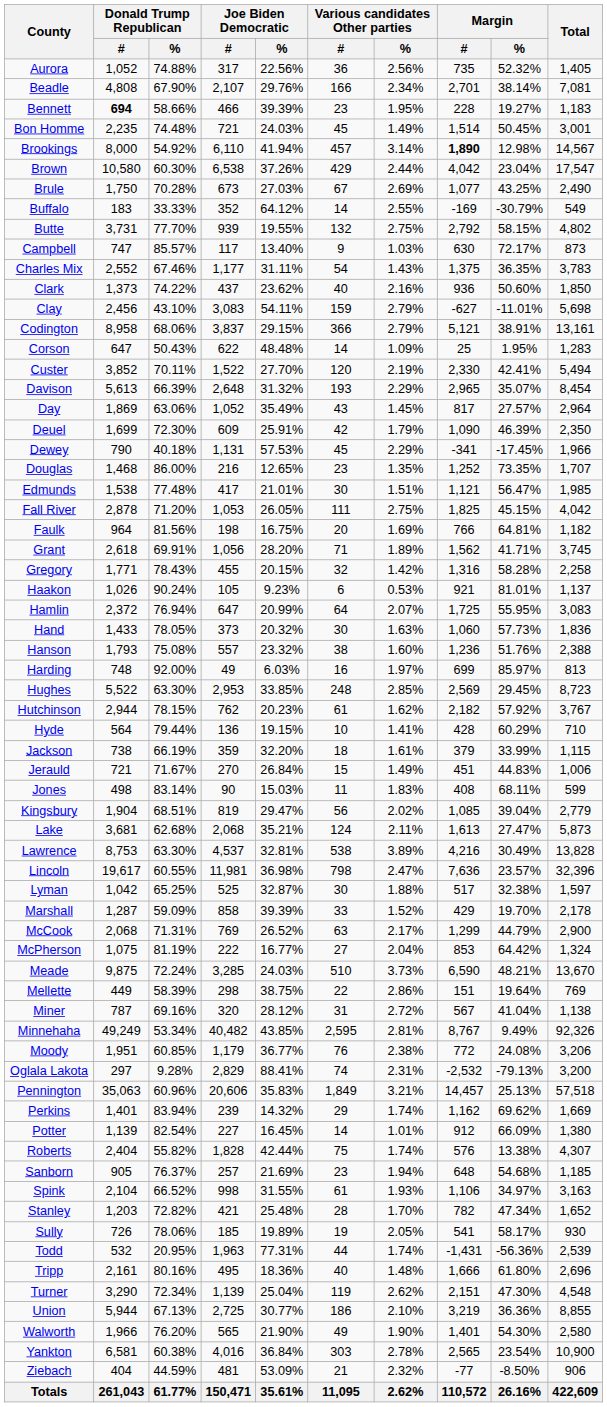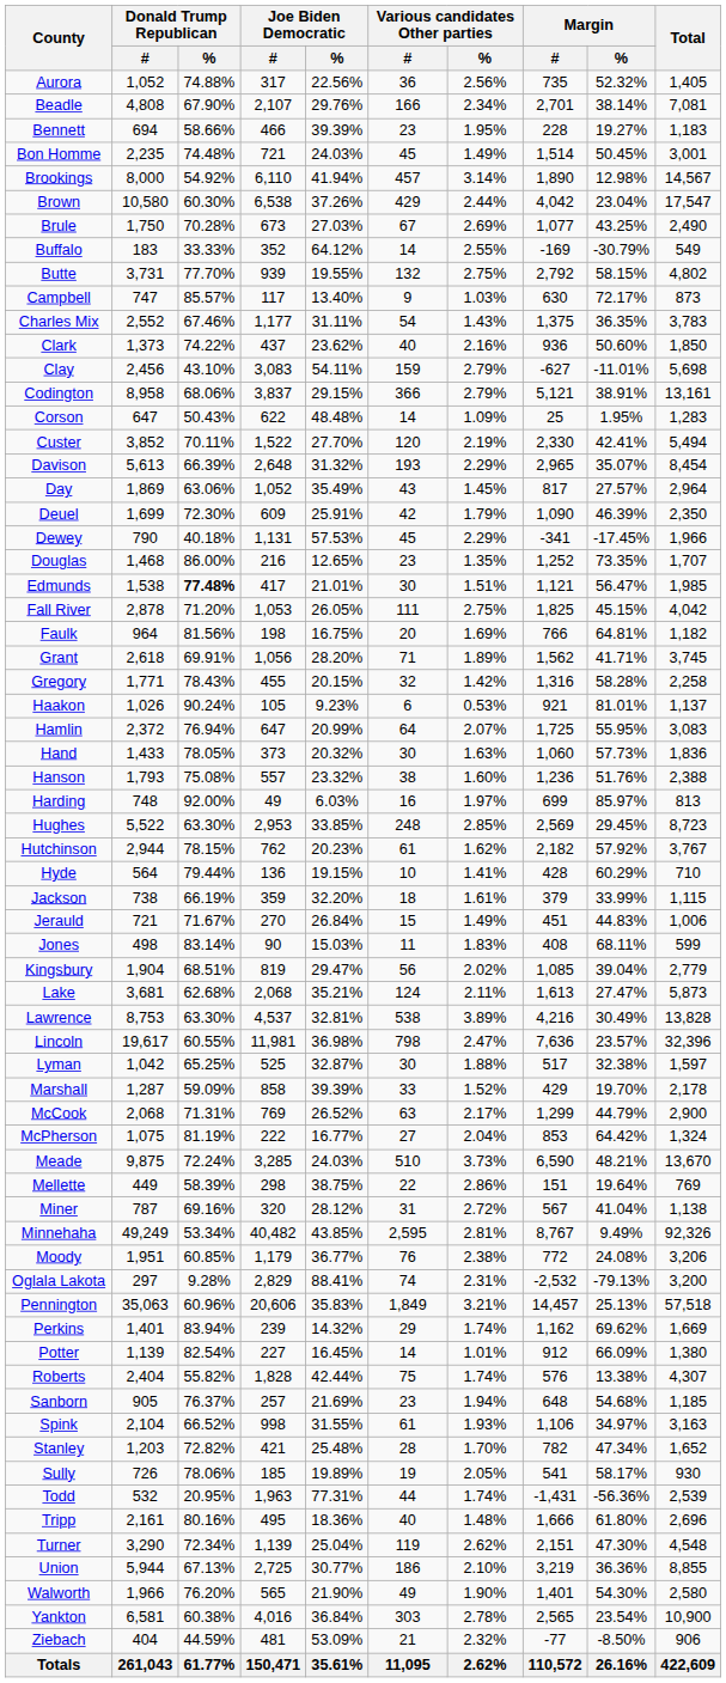 <table width="60%" class="wikitable sortable">
 <tr>
 <th rowspan="2">County</th>
 <th colspan="2">Donald Trump<br>Republican</th>
 <th colspan="2">Joe Biden<br>Democratic</th>
 <th colspan="2">Various candidates<br>Other parties</th>
 <th colspan="2">Margin</th>
 <th rowspan="2">Total</th>
 </tr>
 <tr>
 <th style="text-align:center;" data-sort-type="number">#</th>
 <th style="text-align:center;" data-sort-type="number">%</th>
 <th style="text-align:center;" data-sort-type="number">#</th>
 <th style="text-align:center;" data-sort-type="number">%</th>
 <th style="text-align:center;" data-sort-type="number">#</th>
 <th style="text-align:center;" data-sort-type="number">%</th>
 <th style="text-align:center;" data-sort-type="number">#</th>
 <th style="text-align:center;" data-sort-type="number">%</th>
 </tr>
 <tr style="text-align:center;">
 <td><a href='#'>Aurora</a></td>
 <td>1,052</td>
 <td>74.88%</td>
 <td>317</td>
 <td>22.56%</td>
 <td>36</td>
 <td>2.56%</td>
 <td>735</td>
 <td>52.32%</td>
 <td>1,405</td>
 </tr>
 <tr style="text-align:center;">
 <td><a href='#'>Beadle</a></td>
 <td>4,808</td>
 <td>67.90%</td>
 <td>2,107</td>
 <td>29.76%</td>
 <td>166</td>
 <td>2.34%</td>
 <td>2,701</td>
 <td>38.14%</td>
 <td>7,081</td>
 </tr>
 <tr style="text-align:center;">
 <td><a href='#'>Bennett</a></td>
-<td><strong>694</strong></td>
+<td>694</td>
 <td>58.66%</td>
 <td>466</td>
 <td>39.39%</td>
 <td>23</td>
 <td>1.95%</td>
 <td>228</td>
 <td>19.27%</td>
 <td>1,183</td>
 </tr>
 <tr style="text-align:center;">
 <td><a href='#'>Bon Homme</a></td>
 <td>2,235</td>
 <td>74.48%</td>
 <td>721</td>
 <td>24.03%</td>
 <td>45</td>
 <td>1.49%</td>
 <td>1,514</td>
 <td>50.45%</td>
 <td>3,001</td>
 </tr>
 <tr style="text-align:center;">
 <td><a href='#'>Brookings</a></td>
 <td>8,000</td>
 <td>54.92%</td>
 <td>6,110</td>
 <td>41.94%</td>
 <td>457</td>
 <td>3.14%</td>
-<td><strong>1,890</strong></td>
+<td>1,890</td>
 <td>12.98%</td>
 <td>14,567</td>
 </tr>
 <tr style="text-align:center;">
 <td><a href='#'>Brown</a></td>
 <td>10,580</td>
 <td>60.30%</td>
 <td>6,538</td>
 <td>37.26%</td>
 <td>429</td>
 <td>2.44%</td>
 <td>4,042</td>
 <td>23.04%</td>
 <td>17,547</td>
 </tr>
 <tr style="text-align:center;">
 <td><a href='#'>Brule</a></td>
 <td>1,750</td>
 <td>70.28%</td>
 <td>673</td>
 <td>27.03%</td>
 <td>67</td>
 <td>2.69%</td>
 <td>1,077</td>
 <td>43.25%</td>
 <td>2,490</td>
 </tr>
 <tr style="text-align:center;">
 <td><a href='#'>Buffalo</a></td>
 <td>183</td>
 <td>33.33%</td>
 <td>352</td>
 <td>64.12%</td>
 <td>14</td>
 <td>2.55%</td>
 <td>-169</td>
 <td>-30.79%</td>
 <td>549</td>
 </tr>
 <tr style="text-align:center;">
 <td><a href='#'>Butte</a></td>
 <td>3,731</td>
 <td>77.70%</td>
 <td>939</td>
 <td>19.55%</td>
 <td>132</td>
 <td>2.75%</td>
 <td>2,792</td>
 <td>58.15%</td>
 <td>4,802</td>
 </tr>
 <tr style="text-align:center;">
 <td><a href='#'>Campbell</a></td>
 <td>747</td>
 <td>85.57%</td>
 <td>117</td>
 <td>13.40%</td>
 <td>9</td>
 <td>1.03%</td>
 <td>630</td>
 <td>72.17%</td>
 <td>873</td>
 </tr>
 <tr style="text-align:center;">
 <td><a href='#'>Charles Mix</a></td>
 <td>2,552</td>
 <td>67.46%</td>
 <td>1,177</td>
 <td>31.11%</td>
 <td>54</td>
 <td>1.43%</td>
 <td>1,375</td>
 <td>36.35%</td>
 <td>3,783</td>
 </tr>
 <tr style="text-align:center;">
 <td><a href='#'>Clark</a></td>
 <td>1,373</td>
 <td>74.22%</td>
 <td>437</td>
 <td>23.62%</td>
 <td>40</td>
 <td>2.16%</td>
 <td>936</td>
 <td>50.60%</td>
 <td>1,850</td>
 </tr>
 <tr style="text-align:center;">
 <td><a href='#'>Clay</a></td>
 <td>2,456</td>
 <td>43.10%</td>
 <td>3,083</td>
 <td>54.11%</td>
 <td>159</td>
 <td>2.79%</td>
 <td>-627</td>
 <td>-11.01%</td>
 <td>5,698</td>
 </tr>
 <tr style="text-align:center;">
 <td><a href='#'>Codington</a></td>
 <td>8,958</td>
 <td>68.06%</td>
 <td>3,837</td>
 <td>29.15%</td>
 <td>366</td>
 <td>2.79%</td>
 <td>5,121</td>
 <td>38.91%</td>
 <td>13,161</td>
 </tr>
 <tr style="text-align:center;">
 <td><a href='#'>Corson</a></td>
 <td>647</td>
 <td>50.43%</td>
 <td>622</td>
 <td>48.48%</td>
 <td>14</td>
 <td>1.09%</td>
 <td>25</td>
 <td>1.95%</td>
 <td>1,283</td>
 </tr>
 <tr style="text-align:center;">
 <td><a href='#'>Custer</a></td>
 <td>3,852</td>
 <td>70.11%</td>
 <td>1,522</td>
 <td>27.70%</td>
 <td>120</td>
 <td>2.19%</td>
 <td>2,330</td>
 <td>42.41%</td>
 <td>5,494</td>
 </tr>
 <tr style="text-align:center;">
 <td><a href='#'>Davison</a></td>
 <td>5,613</td>
 <td>66.39%</td>
 <td>2,648</td>
 <td>31.32%</td>
 <td>193</td>
 <td>2.29%</td>
 <td>2,965</td>
 <td>35.07%</td>
 <td>8,454</td>
 </tr>
 <tr style="text-align:center;">
 <td><a href='#'>Day</a></td>
 <td>1,869</td>
 <td>63.06%</td>
 <td>1,052</td>
 <td>35.49%</td>
 <td>43</td>
 <td>1.45%</td>
 <td>817</td>
 <td>27.57%</td>
 <td>2,964</td>
 </tr>
 <tr style="text-align:center;">
 <td><a href='#'>Deuel</a></td>
 <td>1,699</td>
 <td>72.30%</td>
 <td>609</td>
 <td>25.91%</td>
 <td>42</td>
 <td>1.79%</td>
 <td>1,090</td>
 <td>46.39%</td>
 <td>2,350</td>
 </tr>
 <tr style="text-align:center;">
 <td><a href='#'>Dewey</a></td>
 <td>790</td>
 <td>40.18%</td>
 <td>1,131</td>
 <td>57.53%</td>
 <td>45</td>
 <td>2.29%</td>
 <td>-341</td>
 <td>-17.45%</td>
 <td>1,966</td>
 </tr>
 <tr style="text-align:center;">
 <td><a href='#'>Douglas</a></td>
 <td>1,468</td>
 <td>86.00%</td>
 <td>216</td>
 <td>12.65%</td>
 <td>23</td>
 <td>1.35%</td>
 <td>1,252</td>
 <td>73.35%</td>
 <td>1,707</td>
 </tr>
 <tr style="text-align:center;">
 <td><a href='#'>Edmunds</a></td>
 <td>1,538</td>
-<td>77.48%</td>
+<td><strong>77.48%</strong></td>
 <td>417</td>
 <td>21.01%</td>
 <td>30</td>
 <td>1.51%</td>
 <td>1,121</td>
 <td>56.47%</td>
 <td>1,985</td>
 </tr>
 <tr style="text-align:center;">
 <td><a href='#'>Fall River</a></td>
 <td>2,878</td>
 <td>71.20%</td>
 <td>1,053</td>
 <td>26.05%</td>
 <td>111</td>
 <td>2.75%</td>
 <td>1,825</td>
 <td>45.15%</td>
 <td>4,042</td>
 </tr>
 <tr style="text-align:center;">
 <td><a href='#'>Faulk</a></td>
 <td>964</td>
 <td>81.56%</td>
 <td>198</td>
 <td>16.75%</td>
 <td>20</td>
 <td>1.69%</td>
 <td>766</td>
 <td>64.81%</td>
 <td>1,182</td>
 </tr>
 <tr style="text-align:center;">
 <td><a href='#'>Grant</a></td>
 <td>2,618</td>
 <td>69.91%</td>
 <td>1,056</td>
 <td>28.20%</td>
 <td>71</td>
 <td>1.89%</td>
 <td>1,562</td>
 <td>41.71%</td>
 <td>3,745</td>
 </tr>
 <tr style="text-align:center;">
 <td><a href='#'>Gregory</a></td>
 <td>1,771</td>
 <td>78.43%</td>
 <td>455</td>
 <td>20.15%</td>
 <td>32</td>
 <td>1.42%</td>
 <td>1,316</td>
 <td>58.28%</td>
 <td>2,258</td>
 </tr>
 <tr style="text-align:center;">
 <td><a href='#'>Haakon</a></td>
 <td>1,026</td>
 <td>90.24%</td>
 <td>105</td>
 <td>9.23%</td>
 <td>6</td>
 <td>0.53%</td>
 <td>921</td>
 <td>81.01%</td>
 <td>1,137</td>
 </tr>
 <tr style="text-align:center;">
 <td><a href='#'>Hamlin</a></td>
 <td>2,372</td>
 <td>76.94%</td>
 <td>647</td>
 <td>20.99%</td>
 <td>64</td>
 <td>2.07%</td>
 <td>1,725</td>
 <td>55.95%</td>
 <td>3,083</td>
 </tr>
 <tr style="text-align:center;">
 <td><a href='#'>Hand</a></td>
 <td>1,433</td>
 <td>78.05%</td>
 <td>373</td>
 <td>20.32%</td>
 <td>30</td>
 <td>1.63%</td>
 <td>1,060</td>
 <td>57.73%</td>
 <td>1,836</td>
 </tr>
 <tr style="text-align:center;">
 <td><a href='#'>Hanson</a></td>
 <td>1,793</td>
 <td>75.08%</td>
 <td>557</td>
 <td>23.32%</td>
 <td>38</td>
 <td>1.60%</td>
 <td>1,236</td>
 <td>51.76%</td>
 <td>2,388</td>
 </tr>
 <tr style="text-align:center;">
 <td><a href='#'>Harding</a></td>
 <td>748</td>
 <td>92.00%</td>
 <td>49</td>
 <td>6.03%</td>
 <td>16</td>
 <td>1.97%</td>
 <td>699</td>
 <td>85.97%</td>
 <td>813</td>
 </tr>
 <tr style="text-align:center;">
 <td><a href='#'>Hughes</a></td>
 <td>5,522</td>
 <td>63.30%</td>
 <td>2,953</td>
 <td>33.85%</td>
 <td>248</td>
 <td>2.85%</td>
 <td>2,569</td>
 <td>29.45%</td>
 <td>8,723</td>
 </tr>
 <tr style="text-align:center;">
 <td><a href='#'>Hutchinson</a></td>
 <td>2,944</td>
 <td>78.15%</td>
 <td>762</td>
 <td>20.23%</td>
 <td>61</td>
 <td>1.62%</td>
 <td>2,182</td>
 <td>57.92%</td>
 <td>3,767</td>
 </tr>
 <tr style="text-align:center;">
 <td><a href='#'>Hyde</a></td>
 <td>564</td>
 <td>79.44%</td>
 <td>136</td>
 <td>19.15%</td>
 <td>10</td>
 <td>1.41%</td>
 <td>428</td>
 <td>60.29%</td>
 <td>710</td>
 </tr>
 <tr style="text-align:center;">
 <td><a href='#'>Jackson</a></td>
 <td>738</td>
 <td>66.19%</td>
 <td>359</td>
 <td>32.20%</td>
 <td>18</td>
 <td>1.61%</td>
 <td>379</td>
 <td>33.99%</td>
 <td>1,115</td>
 </tr>
 <tr style="text-align:center;">
 <td><a href='#'>Jerauld</a></td>
 <td>721</td>
 <td>71.67%</td>
 <td>270</td>
 <td>26.84%</td>
 <td>15</td>
 <td>1.49%</td>
 <td>451</td>
 <td>44.83%</td>
 <td>1,006</td>
 </tr>
 <tr style="text-align:center;">
 <td><a href='#'>Jones</a></td>
 <td>498</td>
 <td>83.14%</td>
 <td>90</td>
 <td>15.03%</td>
 <td>11</td>
 <td>1.83%</td>
 <td>408</td>
 <td>68.11%</td>
 <td>599</td>
 </tr>
 <tr style="text-align:center;">
 <td><a href='#'>Kingsbury</a></td>
 <td>1,904</td>
 <td>68.51%</td>
 <td>819</td>
 <td>29.47%</td>
 <td>56</td>
 <td>2.02%</td>
 <td>1,085</td>
 <td>39.04%</td>
 <td>2,779</td>
 </tr>
 <tr style="text-align:center;">
 <td><a href='#'>Lake</a></td>
 <td>3,681</td>
 <td>62.68%</td>
 <td>2,068</td>
 <td>35.21%</td>
 <td>124</td>
 <td>2.11%</td>
 <td>1,613</td>
 <td>27.47%</td>
 <td>5,873</td>
 </tr>
 <tr style="text-align:center;">
 <td><a href='#'>Lawrence</a></td>
 <td>8,753</td>
 <td>63.30%</td>
 <td>4,537</td>
 <td>32.81%</td>
 <td>538</td>
 <td>3.89%</td>
 <td>4,216</td>
 <td>30.49%</td>
 <td>13,828</td>
 </tr>
 <tr style="text-align:center;">
 <td><a href='#'>Lincoln</a></td>
 <td>19,617</td>
 <td>60.55%</td>
 <td>11,981</td>
 <td>36.98%</td>
 <td>798</td>
 <td>2.47%</td>
 <td>7,636</td>
 <td>23.57%</td>
 <td>32,396</td>
 </tr>
 <tr style="text-align:center;">
 <td><a href='#'>Lyman</a></td>
 <td>1,042</td>
 <td>65.25%</td>
 <td>525</td>
 <td>32.87%</td>
 <td>30</td>
 <td>1.88%</td>
 <td>517</td>
 <td>32.38%</td>
 <td>1,597</td>
 </tr>
 <tr style="text-align:center;">
 <td><a href='#'>Marshall</a></td>
 <td>1,287</td>
 <td>59.09%</td>
 <td>858</td>
 <td>39.39%</td>
 <td>33</td>
 <td>1.52%</td>
 <td>429</td>
 <td>19.70%</td>
 <td>2,178</td>
 </tr>
 <tr style="text-align:center;">
 <td><a href='#'>McCook</a></td>
 <td>2,068</td>
 <td>71.31%</td>
 <td>769</td>
 <td>26.52%</td>
 <td>63</td>
 <td>2.17%</td>
 <td>1,299</td>
 <td>44.79%</td>
 <td>2,900</td>
 </tr>
 <tr style="text-align:center;">
 <td><a href='#'>McPherson</a></td>
 <td>1,075</td>
 <td>81.19%</td>
 <td>222</td>
 <td>16.77%</td>
 <td>27</td>
 <td>2.04%</td>
 <td>853</td>
 <td>64.42%</td>
 <td>1,324</td>
 </tr>
 <tr style="text-align:center;">
 <td><a href='#'>Meade</a></td>
 <td>9,875</td>
 <td>72.24%</td>
 <td>3,285</td>
 <td>24.03%</td>
 <td>510</td>
 <td>3.73%</td>
 <td>6,590</td>
 <td>48.21%</td>
 <td>13,670</td>
 </tr>
 <tr style="text-align:center;">
 <td><a href='#'>Mellette</a></td>
 <td>449</td>
 <td>58.39%</td>
 <td>298</td>
 <td>38.75%</td>
 <td>22</td>
 <td>2.86%</td>
 <td>151</td>
 <td>19.64%</td>
 <td>769</td>
 </tr>
 <tr style="text-align:center;">
 <td><a href='#'>Miner</a></td>
 <td>787</td>
 <td>69.16%</td>
 <td>320</td>
 <td>28.12%</td>
 <td>31</td>
 <td>2.72%</td>
 <td>567</td>
 <td>41.04%</td>
 <td>1,138</td>
 </tr>
 <tr style="text-align:center;">
 <td><a href='#'>Minnehaha</a></td>
 <td>49,249</td>
 <td>53.34%</td>
 <td>40,482</td>
 <td>43.85%</td>
 <td>2,595</td>
 <td>2.81%</td>
 <td>8,767</td>
 <td>9.49%</td>
 <td>92,326</td>
 </tr>
 <tr style="text-align:center;">
 <td><a href='#'>Moody</a></td>
 <td>1,951</td>
 <td>60.85%</td>
 <td>1,179</td>
 <td>36.77%</td>
 <td>76</td>
 <td>2.38%</td>
 <td>772</td>
 <td>24.08%</td>
 <td>3,206</td>
 </tr>
 <tr style="text-align:center;">
 <td><a href='#'>Oglala Lakota</a></td>
 <td>297</td>
 <td>9.28%</td>
 <td>2,829</td>
 <td>88.41%</td>
 <td>74</td>
 <td>2.31%</td>
 <td>-2,532</td>
 <td>-79.13%</td>
 <td>3,200</td>
 </tr>
 <tr style="text-align:center;">
 <td><a href='#'>Pennington</a></td>
 <td>35,063</td>
 <td>60.96%</td>
 <td>20,606</td>
 <td>35.83%</td>
 <td>1,849</td>
 <td>3.21%</td>
 <td>14,457</td>
 <td>25.13%</td>
 <td>57,518</td>
 </tr>
 <tr style="text-align:center;">
 <td><a href='#'>Perkins</a></td>
 <td>1,401</td>
 <td>83.94%</td>
 <td>239</td>
 <td>14.32%</td>
 <td>29</td>
 <td>1.74%</td>
 <td>1,162</td>
 <td>69.62%</td>
 <td>1,669</td>
 </tr>
 <tr style="text-align:center;">
 <td><a href='#'>Potter</a></td>
 <td>1,139</td>
 <td>82.54%</td>
 <td>227</td>
 <td>16.45%</td>
 <td>14</td>
 <td>1.01%</td>
 <td>912</td>
 <td>66.09%</td>
 <td>1,380</td>
 </tr>
 <tr style="text-align:center;">
 <td><a href='#'>Roberts</a></td>
 <td>2,404</td>
 <td>55.82%</td>
 <td>1,828</td>
 <td>42.44%</td>
 <td>75</td>
 <td>1.74%</td>
 <td>576</td>
 <td>13.38%</td>
 <td>4,307</td>
 </tr>
 <tr style="text-align:center;">
 <td><a href='#'>Sanborn</a></td>
 <td>905</td>
 <td>76.37%</td>
 <td>257</td>
 <td>21.69%</td>
 <td>23</td>
 <td>1.94%</td>
 <td>648</td>
 <td>54.68%</td>
 <td>1,185</td>
 </tr>
 <tr style="text-align:center;">
 <td><a href='#'>Spink</a></td>
 <td>2,104</td>
 <td>66.52%</td>
 <td>998</td>
 <td>31.55%</td>
 <td>61</td>
 <td>1.93%</td>
 <td>1,106</td>
 <td>34.97%</td>
 <td>3,163</td>
 </tr>
 <tr style="text-align:center;">
 <td><a href='#'>Stanley</a></td>
 <td>1,203</td>
 <td>72.82%</td>
 <td>421</td>
 <td>25.48%</td>
 <td>28</td>
 <td>1.70%</td>
 <td>782</td>
 <td>47.34%</td>
 <td>1,652</td>
 </tr>
 <tr style="text-align:center;">
 <td><a href='#'>Sully</a></td>
 <td>726</td>
 <td>78.06%</td>
 <td>185</td>
 <td>19.89%</td>
 <td>19</td>
 <td>2.05%</td>
 <td>541</td>
 <td>58.17%</td>
 <td>930</td>
 </tr>
 <tr style="text-align:center;">
 <td><a href='#'>Todd</a></td>
 <td>532</td>
 <td>20.95%</td>
 <td>1,963</td>
 <td>77.31%</td>
 <td>44</td>
 <td>1.74%</td>
 <td>-1,431</td>
 <td>-56.36%</td>
 <td>2,539</td>
 </tr>
 <tr style="text-align:center;">
 <td><a href='#'>Tripp</a></td>
 <td>2,161</td>
 <td>80.16%</td>
 <td>495</td>
 <td>18.36%</td>
 <td>40</td>
 <td>1.48%</td>
 <td>1,666</td>
 <td>61.80%</td>
 <td>2,696</td>
 </tr>
 <tr style="text-align:center;">
 <td><a href='#'>Turner</a></td>
 <td>3,290</td>
 <td>72.34%</td>
 <td>1,139</td>
 <td>25.04%</td>
 <td>119</td>
 <td>2.62%</td>
 <td>2,151</td>
 <td>47.30%</td>
 <td>4,548</td>
 </tr>
 <tr style="text-align:center;">
 <td><a href='#'>Union</a></td>
 <td>5,944</td>
 <td>67.13%</td>
 <td>2,725</td>
 <td>30.77%</td>
 <td>186</td>
 <td>2.10%</td>
 <td>3,219</td>
 <td>36.36%</td>
 <td>8,855</td>
 </tr>
 <tr style="text-align:center;">
 <td><a href='#'>Walworth</a></td>
 <td>1,966</td>
 <td>76.20%</td>
 <td>565</td>
 <td>21.90%</td>
 <td>49</td>
 <td>1.90%</td>
 <td>1,401</td>
 <td>54.30%</td>
 <td>2,580</td>
 </tr>
 <tr style="text-align:center;">
 <td><a href='#'>Yankton</a></td>
 <td>6,581</td>
 <td>60.38%</td>
 <td>4,016</td>
 <td>36.84%</td>
 <td>303</td>
 <td>2.78%</td>
 <td>2,565</td>
 <td>23.54%</td>
 <td>10,900</td>
 </tr>
 <tr style="text-align:center;">
 <td><a href='#'>Ziebach</a></td>
 <td>404</td>
 <td>44.59%</td>
 <td>481</td>
 <td>53.09%</td>
 <td>21</td>
 <td>2.32%</td>
 <td>-77</td>
 <td>-8.50%</td>
 <td>906</td>
 </tr>
 <tr>
 <th>Totals</th>
 <th>261,043</th>
 <th>61.77%</th>
 <th>150,471</th>
 <th>35.61%</th>
 <th>11,095</th>
 <th>2.62%</th>
 <th>110,572</th>
 <th>26.16%</th>
 <th>422,609</th>
 </tr>
 </table>
